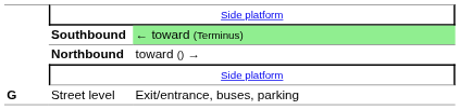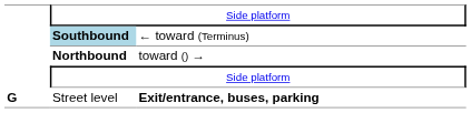 <table table border=0 cellspacing=0 cellpadding=3>
 <tr>
 <td style="border-top:solid 1px gray;border-bottom:solid 1px gray;" rowspan=6 valign=bottom width=50><strong>G</strong></td>
 </tr>
 <tr>
 <td style="border-bottom:solid 2px black;border-right:solid 2px black;border-left:solid 2px black;border-top:solid 1px gray;text-align:center;" colspan=2><small><a href='#'>Side platform</a></small></td>
 </tr>
 <tr>
-<td><span><strong>Southbound</strong></span></td>
-<td style="background: lightgreen;">←  toward  <small>(Terminus)</small></td>
+<td style="background: lightblue;"><span><strong>Southbound</strong></span></td>
+<td>←  toward  <small>(Terminus)</small></td>
 </tr>
 <tr>
 <td style="border-top:solid 1px gray;"><span><strong>Northbound</strong></span></td>
 <td style="border-top:solid 1px gray;">  toward  <small>()</small> →</td>
 </tr>
 <tr>
 <td style="border-bottom:solid 1px gray;border-right:solid 2px black;border-left:solid 2px black;border-top:solid 2px black;text-align:center;" colspan=2><small><a href='#'>Side platform</a></small></td>
 </tr>
 <tr>
 <td style="border-bottom:solid 1px gray;" width=100>Street level</td>
-<td style="border-bottom:solid 1px gray;" width=400>Exit/entrance, buses, parking</td>
+<td style="border-bottom:solid 1px gray;" width=400><strong>Exit/entrance, buses, parking</strong></td>
 </tr>
 </table>
